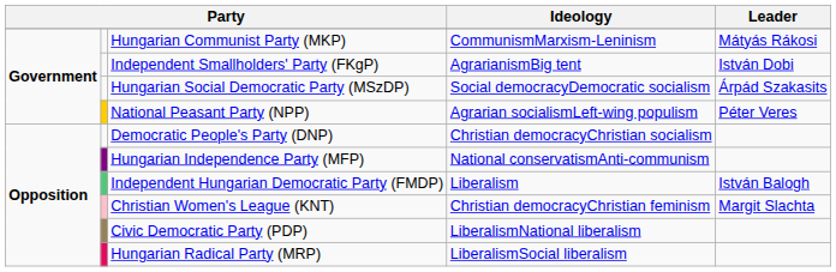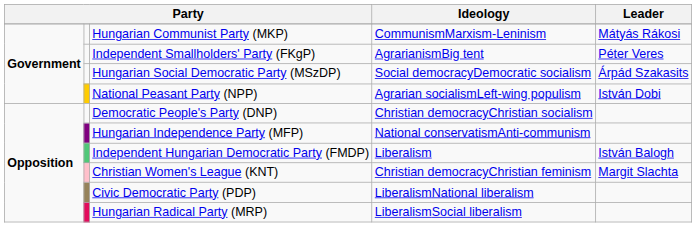 <table class=wikitable style=text-align:left>
 <tr>
 <th colspan=3>Party</th>
 <th>Ideology</th>
 <th>Leader</th>
 </tr>
 <tr>
 </tr>
 <tr>
 <td rowspan=4><strong>Government</strong></td>
 <td></td>
 <td><a href='#'>Hungarian Communist Party</a> (MKP)</td>
 <td><a href='#'>Communism</a><a href='#'>Marxism-Leninism</a></td>
 <td><a href='#'>Mátyás Rákosi</a></td>
 </tr>
 <tr>
 <td></td>
 <td><a href='#'>Independent Smallholders' Party</a> (FKgP)</td>
 <td><a href='#'>Agrarianism</a><a href='#'>Big tent</a></td>
-<td><a href='#'>István Dobi</a></td>
+<td><a href='#'>Péter Veres</a></td>
 </tr>
 <tr>
 <td></td>
 <td><a href='#'>Hungarian Social Democratic Party</a> (MSzDP)</td>
 <td><a href='#'>Social democracy</a><a href='#'>Democratic socialism</a></td>
 <td><a href='#'>Árpád Szakasits</a></td>
 </tr>
 <tr>
 <td bgcolor="FFCC00"></td>
 <td><a href='#'>National Peasant Party</a> (NPP)</td>
 <td><a href='#'>Agrarian socialism</a><a href='#'>Left-wing populism</a></td>
-<td><a href='#'>Péter Veres</a></td>
+<td><a href='#'>István Dobi</a></td>
 </tr>
 <tr>
 <td rowspan=10><strong>Opposition</strong></td>
 <td></td>
 <td><a href='#'>Democratic People's Party</a> (DNP)</td>
 <td><a href='#'>Christian democracy</a><a href='#'>Christian socialism</a></td>
 <td></td>
 </tr>
 <tr>
 <td bgcolor="purple"></td>
 <td><a href='#'>Hungarian Independence Party</a> (MFP)</td>
 <td><a href='#'>National conservatism</a><a href='#'>Anti-communism</a></td>
 <td></td>
 </tr>
 <tr>
 <td bgcolor="50C878"></td>
 <td><a href='#'>Independent Hungarian Democratic Party</a> (FMDP)</td>
 <td><a href='#'>Liberalism</a></td>
 <td><a href='#'>István Balogh</a></td>
 </tr>
 <tr>
 <td bgcolor="pink"></td>
 <td><a href='#'>Christian Women's League</a> (KNT)</td>
 <td><a href='#'>Christian democracy</a><a href='#'>Christian feminism</a></td>
 <td><a href='#'>Margit Slachta</a></td>
 </tr>
 <tr>
 <td bgcolor="96825A"></td>
 <td><a href='#'>Civic Democratic Party</a> (PDP)</td>
 <td><a href='#'>Liberalism</a><a href='#'>National liberalism</a></td>
 <td></td>
 </tr>
 <tr>
 <td bgcolor="E30B5C"></td>
 <td><a href='#'>Hungarian Radical Party</a> (MRP)</td>
 <td><a href='#'>Liberalism</a><a href='#'>Social liberalism</a></td>
 <td></td>
 </tr>
 </table>
